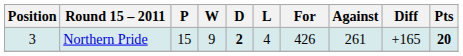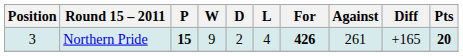 <table class="wikitable" style="text-align:center; font-size:85%;">
 <tr>
 <th width=40 abbr="Position">Position</th>
 <th width=100>Round 15 – 2011</th>
 <th width=20 abbr="Played">P</th>
 <th width=20 abbr="Won">W</th>
 <th width=20 abbr="Drawn">D</th>
 <th width=20 abbr="Lost">L</th>
 <th width=40 abbr="Points for">For</th>
 <th width=40 abbr="Points against">Against</th>
 <th width=40 abbr="Points difference">Diff</th>
 <th width=20 abbr="Points">Pts</th>
 </tr>
 <tr style="background: #d7ebed;">
 <td>3</td>
 <td style="text-align:left;"> <a href='#'>Northern Pride</a></td>
-<td>15</td>
+<td><strong>15</strong></td>
 <td>9</td>
-<td><strong>2</strong></td>
+<td>2</td>
 <td>4</td>
-<td>426</td>
+<td><strong>426</strong></td>
 <td>261</td>
 <td>+165</td>
 <td><strong>20</strong></td>
 </tr>
 <tr>
 </tr>
 </table>
